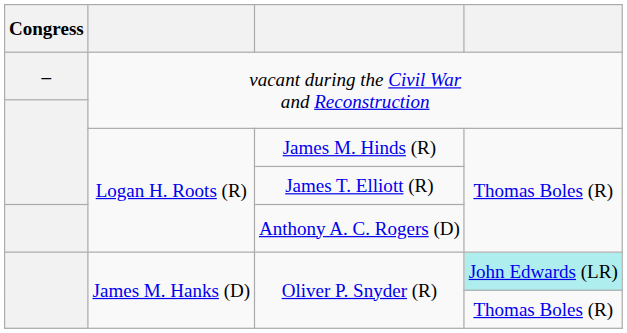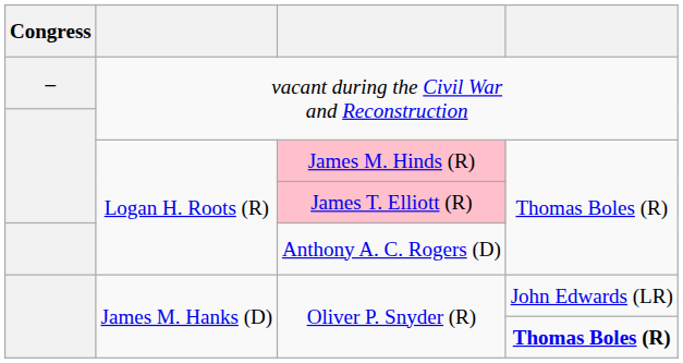 <table class=wikitable style="text-align:center">
 <tr style="height:2.5em">
 <th scope="col">Congress</th>
 <th scope="col"></th>
 <th scope="col"></th>
 <th scope="col"></th>
 </tr>
 <tr style="height:2.5em">
 <th scope="row">– </th>
 <td colspan=3 rowspan=2><em>vacant during the <a href='#'>Civil War</a><br>and <a href='#'>Reconstruction</a></em></td>
 </tr>
 <tr style="height:1.5em">
 <th scope="row" rowspan=3> </th>
 </tr>
 <tr style="height:2em">
 <td rowspan=3 ><a href='#'>Logan H. Roots</a> (R)</td>
-<td><a href='#'>James M. Hinds</a> (R)</td>
+<td style="background: pink;"><a href='#'>James M. Hinds</a> (R)</td>
 <td rowspan=3 ><a href='#'>Thomas Boles</a> (R)</td>
 </tr>
 <tr style="height:2em">
-<td><a href='#'>James T. Elliott</a> (R)</td>
+<td style="background: pink;"><a href='#'>James T. Elliott</a> (R)</td>
 </tr>
 <tr style="height:2.5em">
 <th scope="row"> </th>
 <td><a href='#'>Anthony A. C. Rogers</a> (D)</td>
 </tr>
 <tr style="height:2em">
 <th scope="row" rowspan=2> </th>
 <td rowspan=2 ><a href='#'>James M. Hanks</a> (D)</td>
 <td rowspan=2 ><a href='#'>Oliver P. Snyder</a> (R)</td>
-<td style="background: paleturquoise;"><a href='#'>John Edwards</a> (LR)</td>
+<td><a href='#'>John Edwards</a> (LR)</td>
 </tr>
 <tr style="height:2em">
-<td><a href='#'>Thomas Boles</a> (R)</td>
+<td><strong><a href='#'>Thomas Boles</a> (R)</strong></td>
 </tr>
 </table>
